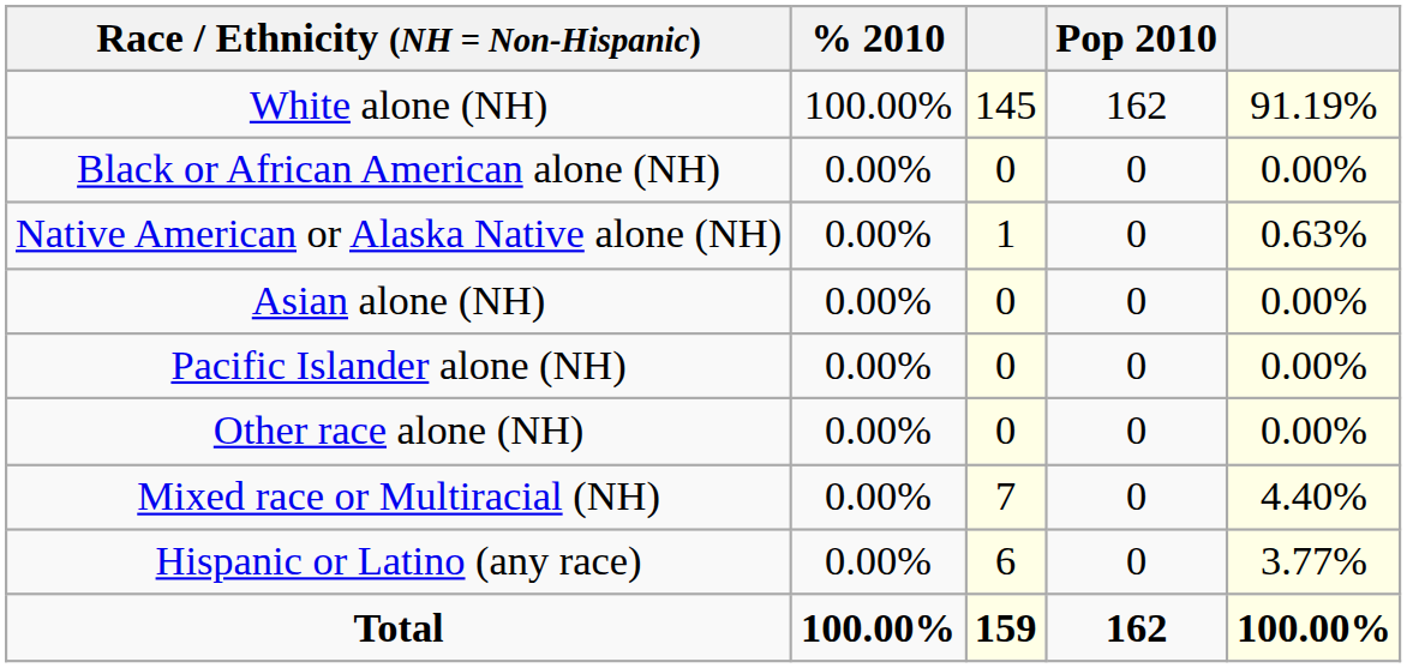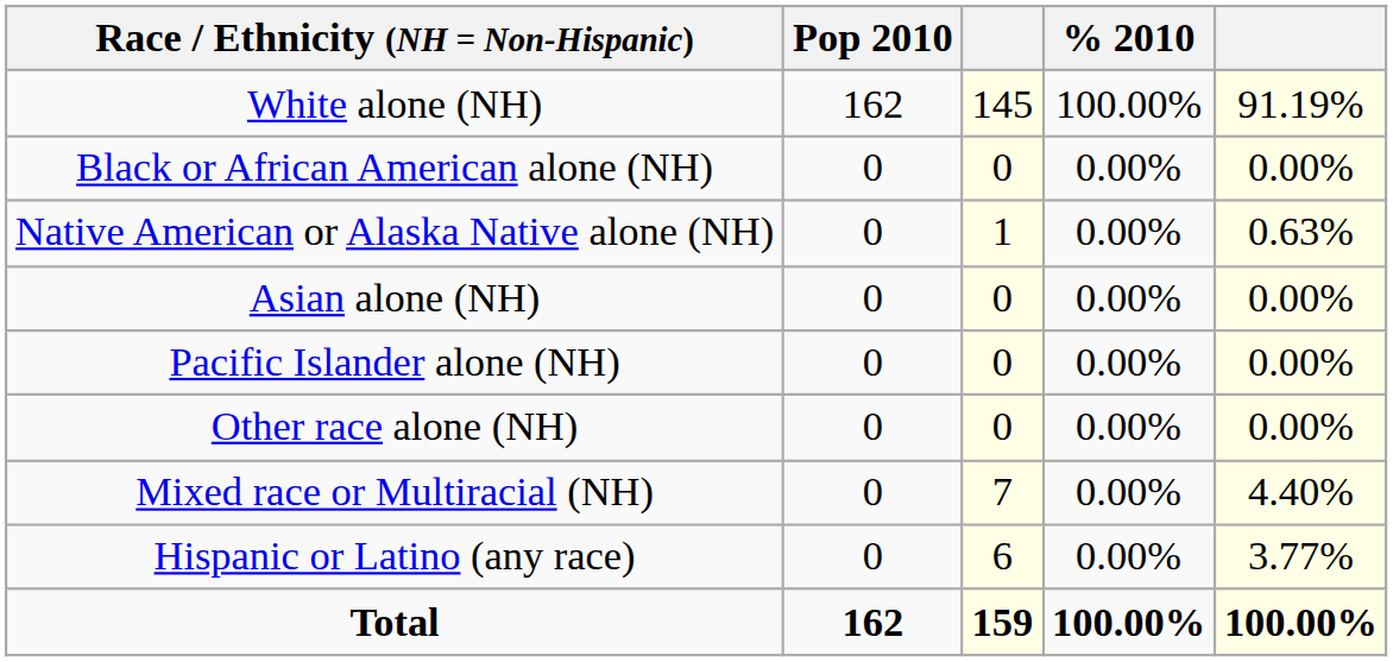 <table class="wikitable" style="text-align:center;">
 <tr>
 <th>Race / Ethnicity <small>(<em>NH = Non-Hispanic</em>)</small></th>
+<th>Pop 2010</th>
+<th></th>
 <th>% 2010</th>
-<th></th>
-<th>Pop 2010</th>
 <th></th>
 </tr>
 <tr>
 <td><a href='#'>White</a> alone (NH)</td>
+<td>162</td>
+<td style='background: #ffffe6;'>145</td>
 <td>100.00%</td>
-<td style='background: #ffffe6;'>145</td>
-<td>162</td>
 <td style='background: #ffffe6;'>91.19%</td>
 </tr>
 <tr>
 <td><a href='#'>Black or African American</a> alone (NH)</td>
+<td>0</td>
+<td style='background: #ffffe6;'>0</td>
 <td>0.00%</td>
-<td style='background: #ffffe6;'>0</td>
-<td>0</td>
 <td style='background: #ffffe6;'>0.00%</td>
 </tr>
 <tr>
 <td><a href='#'>Native American</a> or <a href='#'>Alaska Native</a> alone (NH)</td>
+<td>0</td>
+<td style='background: #ffffe6;'>1</td>
 <td>0.00%</td>
-<td style='background: #ffffe6;'>1</td>
-<td>0</td>
 <td style='background: #ffffe6;'>0.63%</td>
 </tr>
 <tr>
 <td><a href='#'>Asian</a> alone (NH)</td>
+<td>0</td>
+<td style='background: #ffffe6;'>0</td>
 <td>0.00%</td>
-<td style='background: #ffffe6;'>0</td>
-<td>0</td>
 <td style='background: #ffffe6;'>0.00%</td>
 </tr>
 <tr>
 <td><a href='#'>Pacific Islander</a> alone (NH)</td>
+<td>0</td>
+<td style='background: #ffffe6;'>0</td>
 <td>0.00%</td>
-<td style='background: #ffffe6;'>0</td>
-<td>0</td>
 <td style='background: #ffffe6;'>0.00%</td>
 </tr>
 <tr>
 <td><a href='#'>Other race</a> alone (NH)</td>
+<td>0</td>
+<td style='background: #ffffe6;'>0</td>
 <td>0.00%</td>
-<td style='background: #ffffe6;'>0</td>
-<td>0</td>
 <td style='background: #ffffe6;'>0.00%</td>
 </tr>
 <tr>
 <td><a href='#'>Mixed race or Multiracial</a> (NH)</td>
+<td>0</td>
+<td style='background: #ffffe6;'>7</td>
 <td>0.00%</td>
-<td style='background: #ffffe6;'>7</td>
-<td>0</td>
 <td style='background: #ffffe6;'>4.40%</td>
 </tr>
 <tr>
 <td><a href='#'>Hispanic or Latino</a> (any race)</td>
+<td>0</td>
+<td style='background: #ffffe6;'>6</td>
 <td>0.00%</td>
-<td style='background: #ffffe6;'>6</td>
-<td>0</td>
 <td style='background: #ffffe6;'>3.77%</td>
 </tr>
 <tr>
 <td><strong>Total</strong></td>
+<td><strong>162</strong></td>
+<td style='background: #ffffe6;'><strong>159</strong></td>
 <td><strong>100.00%</strong></td>
-<td style='background: #ffffe6;'><strong>159</strong></td>
-<td><strong>162</strong></td>
 <td style='background: #ffffe6;'><strong>100.00%</strong></td>
 </tr>
 </table>
